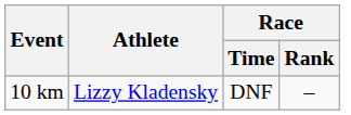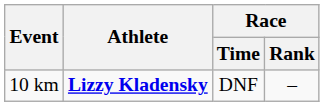 <table class="wikitable" border="1" style="font-size:90%">
 <tr>
 <th rowspan=2>Event</th>
 <th rowspan=2>Athlete</th>
 <th colspan=2>Race</th>
 </tr>
 <tr>
 <th>Time</th>
 <th>Rank</th>
 </tr>
 <tr>
 <td>10 km</td>
-<td><a href='#'>Lizzy Kladensky</a></td>
+<td><strong><a href='#'>Lizzy Kladensky</a></strong></td>
 <td align=center>DNF</td>
 <td align=center>–</td>
 </tr>
 </table>
